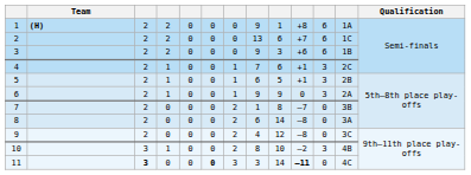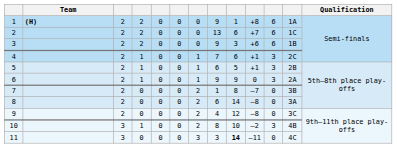 <table class="wikitable" style="text-align: center; font-size: 85%;">
 <tr>
 <th width="25"></th>
 <th width="140">Team</th>
 <th width="25"></th>
 <th width="25"></th>
 <th width="25"></th>
 <th width="25"></th>
 <th width="25"></th>
 <th width="25"></th>
 <th width="25"></th>
 <th width="25"></th>
 <th width="25"></th>
 <th width="25"></th>
 <th width=140>Qualification</th>
 </tr>
 <tr style="background-color: #b8def6">
 <td>1</td>
 <td align=left> <strong>(H)</strong></td>
 <td>2</td>
 <td>2</td>
 <td>0</td>
 <td>0</td>
 <td>0</td>
 <td>9</td>
 <td>1</td>
 <td>+8</td>
 <td>6</td>
 <td>1A</td>
 <td rowspan="4">Semi-finals</td>
 </tr>
 <tr style="background-color: #b8def6">
 <td>2</td>
 <td align=left></td>
 <td>2</td>
 <td>2</td>
 <td>0</td>
 <td>0</td>
 <td>0</td>
 <td>13</td>
 <td>6</td>
 <td>+7</td>
 <td>6</td>
 <td>1C</td>
 </tr>
 <tr style="background-color: #b8def6">
 <td>3</td>
 <td align=left></td>
 <td>2</td>
 <td>2</td>
 <td>0</td>
 <td>0</td>
 <td>0</td>
 <td>9</td>
 <td>3</td>
 <td>+6</td>
 <td>6</td>
 <td>1B</td>
 </tr>
 <tr style="background-color: #b8def6;  border-top: 2px solid #777777">
 <td>4</td>
 <td align=left></td>
 <td>2</td>
 <td>1</td>
 <td>0</td>
 <td>0</td>
 <td>1</td>
 <td>7</td>
 <td>6</td>
 <td>+1</td>
 <td>3</td>
 <td>2C</td>
 </tr>
 <tr style="background-color: #d7eaf7">
 <td>5</td>
 <td align=left></td>
 <td>2</td>
 <td>1</td>
 <td>0</td>
 <td>0</td>
 <td>1</td>
 <td>6</td>
 <td>5</td>
 <td>+1</td>
 <td>3</td>
 <td>2B</td>
 <td rowspan="4">5th–8th place play-offs</td>
 </tr>
 <tr style="background-color: #d7eaf7">
 <td>6</td>
 <td align=left></td>
 <td>2</td>
 <td>1</td>
 <td>0</td>
 <td>0</td>
 <td>1</td>
 <td>9</td>
 <td>9</td>
 <td>0</td>
 <td>3</td>
 <td>2A</td>
 </tr>
 <tr style="background-color: #d7eaf7; border-top: 2px solid #777777">
 <td>7</td>
 <td align=left></td>
 <td>2</td>
 <td>0</td>
 <td>0</td>
 <td>0</td>
 <td>2</td>
 <td>1</td>
 <td>8</td>
 <td>–7</td>
 <td>0</td>
 <td>3B</td>
 </tr>
 <tr style="background-color: #d7eaf7">
 <td>8</td>
 <td align=left></td>
 <td>2</td>
 <td>0</td>
 <td>0</td>
 <td>0</td>
 <td>2</td>
 <td>6</td>
 <td>14</td>
 <td>–8</td>
 <td>0</td>
 <td>3A</td>
 </tr>
 <tr style="background-color: #ecf6fd">
 <td>9</td>
 <td align=left></td>
 <td>2</td>
 <td>0</td>
 <td>0</td>
 <td>0</td>
 <td>2</td>
 <td>4</td>
 <td>12</td>
 <td>–8</td>
 <td>0</td>
 <td>3C</td>
 <td rowspan="3">9th–11th place play-offs</td>
 </tr>
 <tr style="background-color: #ecf6fd; border-top: 2px solid #777777">
 <td>10</td>
 <td align=left></td>
 <td>3</td>
 <td>1</td>
 <td>0</td>
 <td>0</td>
 <td>2</td>
 <td>8</td>
 <td>10</td>
 <td>–2</td>
 <td>3</td>
 <td>4B</td>
 </tr>
 <tr style="background-color: #ecf6fd">
 <td>11</td>
 <td align=left></td>
-<td><strong>3</strong></td>
+<td>3</td>
 <td>0</td>
 <td>0</td>
-<td><strong>0</strong></td>
+<td>0</td>
 <td>3</td>
 <td>3</td>
-<td>14</td>
-<td><strong>–11</strong></td>
+<td><strong>14</strong></td>
+<td>–11</td>
 <td>0</td>
 <td>4C</td>
 </tr>
 </table>
